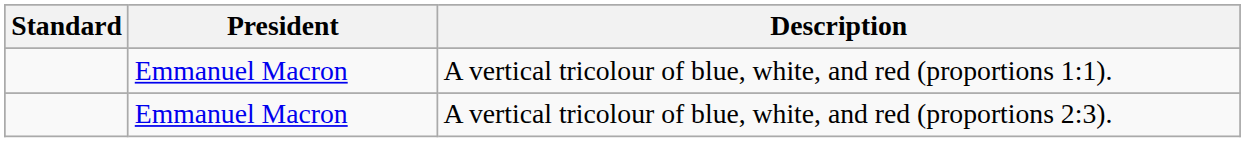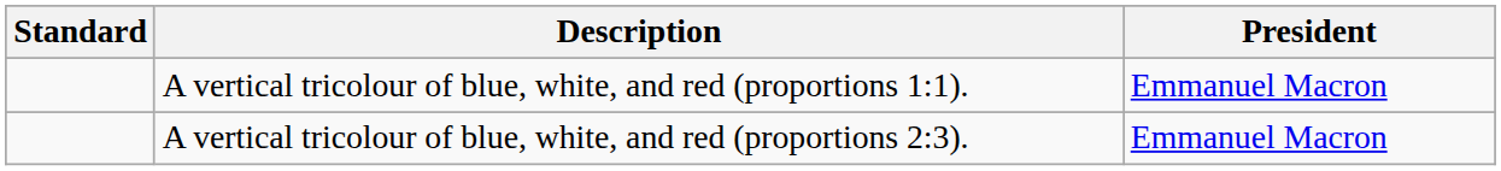 <table class="wikitable">
 <tr style="background:#efefef;">
 <th style="width:10%;">Standard</th>
+<th style="width:65%;">Description</th>
 <th style="width:25%;">President</th>
-<th style="width:65%;">Description</th>
 </tr>
 <tr>
 <td></td>
+<td>A vertical tricolour of blue, white, and red (proportions 1:1).</td>
 <td><a href='#'>Emmanuel Macron</a></td>
-<td>A vertical tricolour of blue, white, and red (proportions 1:1).</td>
 </tr>
 <tr>
 <td></td>
+<td>A vertical tricolour of blue, white, and red (proportions 2:3).</td>
 <td><a href='#'>Emmanuel Macron</a></td>
-<td>A vertical tricolour of blue, white, and red (proportions 2:3).</td>
 </tr>
 </table>
